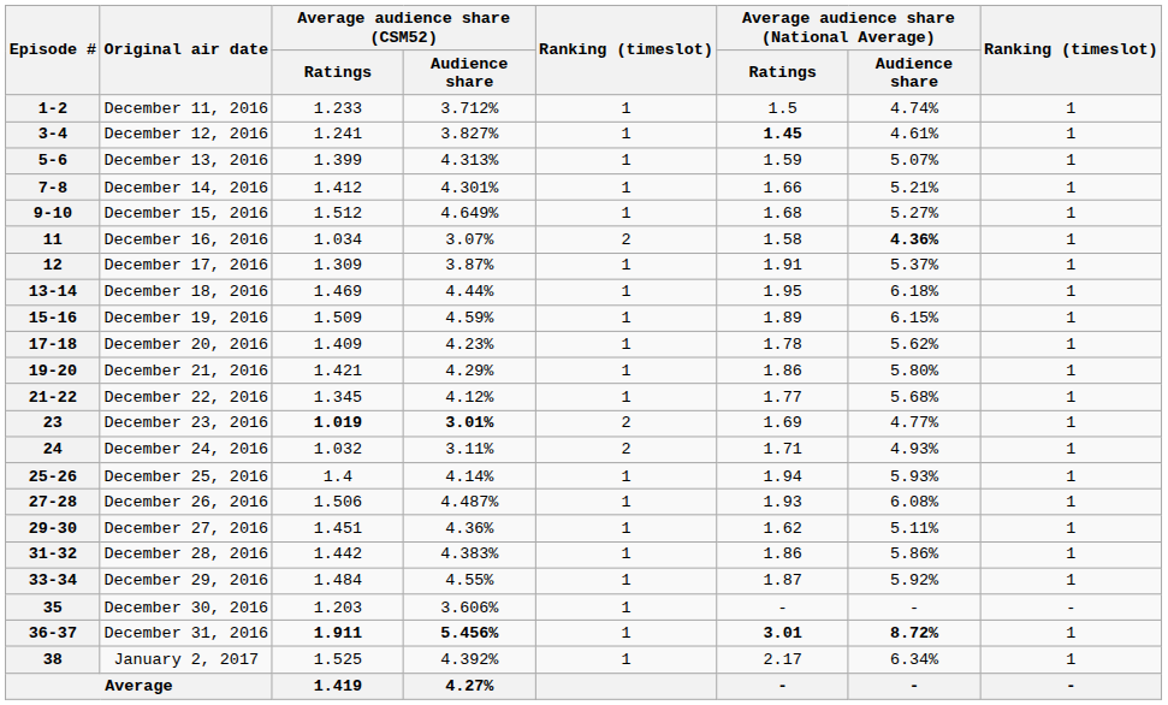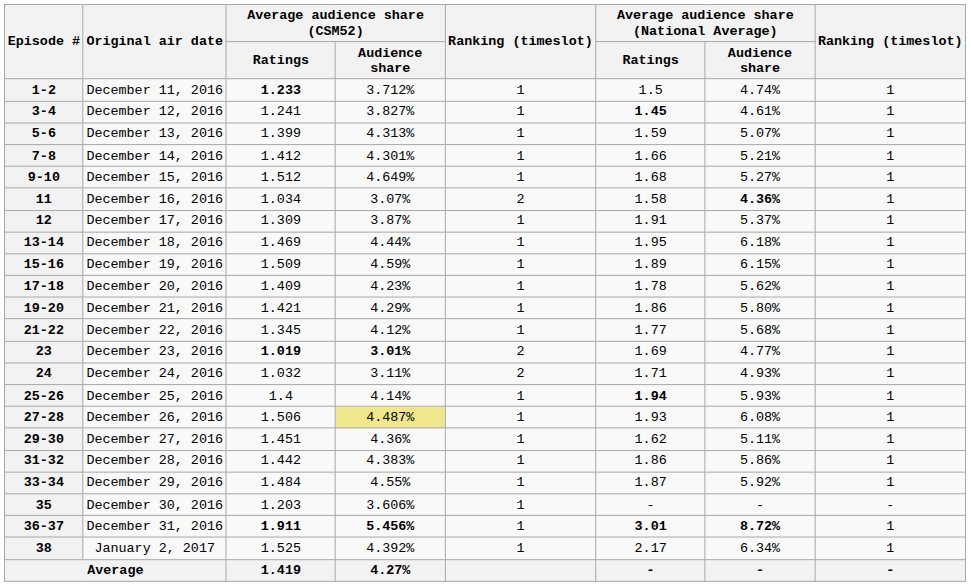 <table class="wikitable sortable mw-collapsible" style="text-align:center">
 <tr>
 <th rowspan="2">Episode #</th>
 <th rowspan="2">Original air date</th>
 <th colspan="2">Average audience share (CSM52)</th>
 <th rowspan="2">Ranking (timeslot)</th>
 <th colspan="2">Average audience share (National Average)</th>
 <th rowspan="2">Ranking (timeslot)</th>
 </tr>
 <tr>
 <th width="100">Ratings</th>
 <th width="100">Audience share</th>
 <th width="100">Ratings</th>
 <th width="100">Audience share</th>
 </tr>
 <tr>
 <th>1-2</th>
 <td>December 11, 2016</td>
-<td>1.233</td>
+<td><strong>1.233</strong></td>
 <td>3.712%</td>
 <td>1</td>
 <td>1.5</td>
 <td>4.74%</td>
 <td>1</td>
 </tr>
 <tr>
 <th>3-4</th>
 <td>December 12, 2016</td>
 <td>1.241</td>
 <td>3.827%</td>
 <td>1</td>
 <td><strong><span>1.45</span></strong></td>
 <td>4.61%</td>
 <td>1</td>
 </tr>
 <tr>
 <th>5-6</th>
 <td>December 13, 2016</td>
 <td>1.399</td>
 <td>4.313%</td>
 <td>1</td>
 <td>1.59</td>
 <td>5.07%</td>
 <td>1</td>
 </tr>
 <tr>
 <th>7-8</th>
 <td>December 14, 2016</td>
 <td>1.412</td>
 <td>4.301%</td>
 <td>1</td>
 <td>1.66</td>
 <td>5.21%</td>
 <td>1</td>
 </tr>
 <tr>
 <th>9-10</th>
 <td>December 15, 2016</td>
 <td>1.512</td>
 <td>4.649%</td>
 <td>1</td>
 <td>1.68</td>
 <td>5.27%</td>
 <td>1</td>
 </tr>
 <tr>
 <th>11</th>
 <td>December 16, 2016</td>
 <td>1.034</td>
 <td>3.07%</td>
 <td>2</td>
 <td>1.58</td>
 <td><strong><span>4.36%</span></strong></td>
 <td>1</td>
 </tr>
 <tr>
 <th>12</th>
 <td>December 17, 2016</td>
 <td>1.309</td>
 <td>3.87%</td>
 <td>1</td>
 <td>1.91</td>
 <td>5.37%</td>
 <td>1</td>
 </tr>
 <tr>
 <th>13-14</th>
 <td>December 18, 2016</td>
 <td>1.469</td>
 <td>4.44%</td>
 <td>1</td>
 <td>1.95</td>
 <td>6.18%</td>
 <td>1</td>
 </tr>
 <tr>
 <th>15-16</th>
 <td>December 19, 2016</td>
 <td>1.509</td>
 <td>4.59%</td>
 <td>1</td>
 <td>1.89</td>
 <td>6.15%</td>
 <td>1</td>
 </tr>
 <tr>
 <th>17-18</th>
 <td>December 20, 2016</td>
 <td>1.409</td>
 <td>4.23%</td>
 <td>1</td>
 <td>1.78</td>
 <td>5.62%</td>
 <td>1</td>
 </tr>
 <tr>
 <th>19-20</th>
 <td>December 21, 2016</td>
 <td>1.421</td>
 <td>4.29%</td>
 <td>1</td>
 <td>1.86</td>
 <td>5.80%</td>
 <td>1</td>
 </tr>
 <tr>
 <th>21-22</th>
 <td>December 22, 2016</td>
 <td>1.345</td>
 <td>4.12%</td>
 <td>1</td>
 <td>1.77</td>
 <td>5.68%</td>
 <td>1</td>
 </tr>
 <tr>
 <th>23</th>
 <td>December 23, 2016</td>
 <td><strong><span>1.019</span></strong></td>
 <td><strong><span>3.01%</span></strong></td>
 <td>2</td>
 <td>1.69</td>
 <td>4.77%</td>
 <td>1</td>
 </tr>
 <tr>
 <th>24</th>
 <td>December 24, 2016</td>
 <td>1.032</td>
 <td>3.11%</td>
 <td>2</td>
 <td>1.71</td>
 <td>4.93%</td>
 <td>1</td>
 </tr>
 <tr>
 <th>25-26</th>
 <td>December 25, 2016</td>
 <td>1.4</td>
 <td>4.14%</td>
 <td>1</td>
-<td>1.94</td>
+<td><strong>1.94</strong></td>
 <td>5.93%</td>
 <td>1</td>
 </tr>
 <tr>
 <th>27-28</th>
 <td>December 26, 2016</td>
 <td>1.506</td>
-<td>4.487%</td>
+<td style="background: khaki;">4.487%</td>
 <td>1</td>
 <td>1.93</td>
 <td>6.08%</td>
 <td>1</td>
 </tr>
 <tr>
 <th>29-30</th>
 <td>December 27, 2016</td>
 <td>1.451</td>
 <td>4.36%</td>
 <td>1</td>
 <td>1.62</td>
 <td>5.11%</td>
 <td>1</td>
 </tr>
 <tr>
 <th>31-32</th>
 <td>December 28, 2016</td>
 <td>1.442</td>
 <td>4.383%</td>
 <td>1</td>
 <td>1.86</td>
 <td>5.86%</td>
 <td>1</td>
 </tr>
 <tr>
 <th>33-34</th>
 <td>December 29, 2016</td>
 <td>1.484</td>
 <td>4.55%</td>
 <td>1</td>
 <td>1.87</td>
 <td>5.92%</td>
 <td>1</td>
 </tr>
 <tr>
 <th>35</th>
 <td>December 30, 2016</td>
 <td>1.203</td>
 <td>3.606%</td>
 <td>1</td>
 <td>-</td>
 <td>-</td>
 <td>-</td>
 </tr>
 <tr>
 <th>36-37</th>
 <td>December 31, 2016</td>
 <td><strong><span>1.911</span></strong></td>
 <td><strong><span>5.456%</span></strong></td>
 <td>1</td>
 <td><strong><span>3.01</span></strong></td>
 <td><strong><span>8.72%</span></strong></td>
 <td>1</td>
 </tr>
 <tr>
 <th>38</th>
 <td>January 2, 2017</td>
 <td>1.525</td>
 <td>4.392%</td>
 <td>1</td>
 <td>2.17</td>
 <td>6.34%</td>
 <td>1</td>
 </tr>
 <tr>
 <th colspan="2">Average</th>
 <th>1.419</th>
 <th>4.27%</th>
 <th></th>
 <th>-</th>
 <th>-</th>
 <th>-</th>
 </tr>
 </table>
